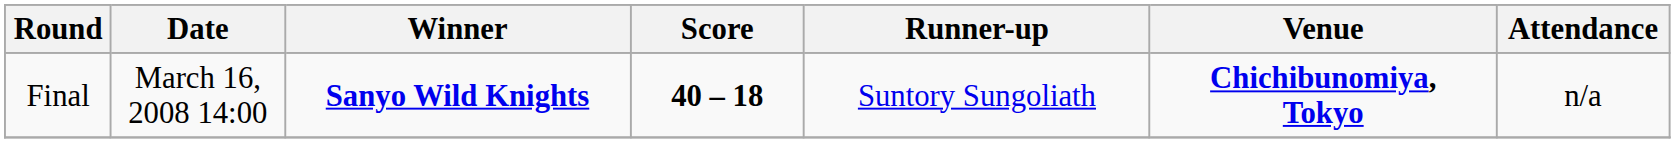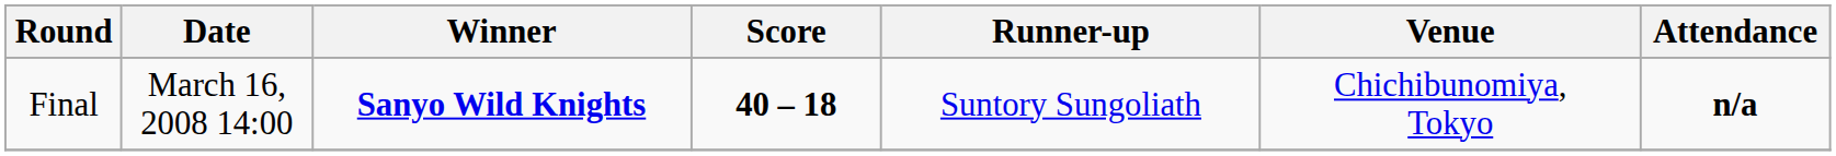 <table class="wikitable" style="text-align: center;">
 <tr>
 <th width=5%>Round</th>
 <th width=10%>Date</th>
 <th width=20%>Winner</th>
 <th width=10%>Score</th>
 <th width=20%>Runner-up</th>
 <th width=20%>Venue</th>
 <th width=10%>Attendance</th>
 </tr>
 <tr>
 <td>Final</td>
 <td>March 16, 2008 14:00<br></td>
 <td><strong><a href='#'>Sanyo Wild Knights</a></strong></td>
 <td><strong>40 – 18</strong><br></td>
 <td><a href='#'>Suntory Sungoliath</a></td>
-<td><strong><a href='#'>Chichibunomiya</a>,<br><a href='#'>Tokyo</a></strong></td>
-<td>n/a</td>
+<td><a href='#'>Chichibunomiya</a>,<br><a href='#'>Tokyo</a></td>
+<td><strong>n/a</strong></td>
 </tr>
 <tr>
 </tr>
 </table>
